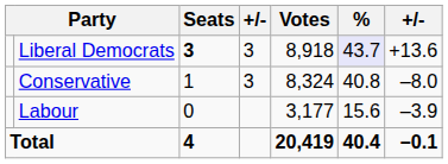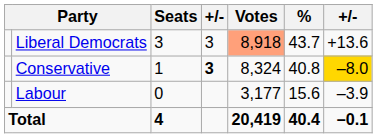 <table class="wikitable sortable">
 <tr>
 <th colspan="2">Party</th>
 <th>Seats</th>
 <th>+/-</th>
 <th>Votes</th>
 <th>%</th>
 <th>+/-</th>
 </tr>
 <tr>
 <td style="background-color: "></td>
 <td><a href='#'>Liberal Democrats</a></td>
-<td><strong>3</strong></td>
+<td>3</td>
 <td> 3</td>
-<td style="text-align:right;">8,918</td>
-<td style="background: lavender; text-align:right;">43.7</td>
+<td style="background: lightsalmon; text-align:right;">8,918</td>
+<td style="text-align:right;">43.7</td>
 <td style="text-align:right;">+13.6</td>
 </tr>
 <tr>
 <td style="background-color: "></td>
 <td><a href='#'>Conservative</a></td>
 <td>1</td>
-<td> 3</td>
+<td><strong> 3</strong></td>
 <td style="text-align:right;">8,324</td>
 <td style="text-align:right;">40.8</td>
-<td style="text-align:right;">–8.0</td>
+<td style="background: gold; text-align:right;">–8.0</td>
 </tr>
 <tr>
 <td style="background-color: "></td>
 <td><a href='#'>Labour</a></td>
 <td>0</td>
 <td></td>
 <td style="text-align:right;">3,177</td>
 <td style="text-align:right;">15.6</td>
 <td style="text-align:right;">–3.9</td>
 </tr>
 <tr>
 <td colspan="2"><strong>Total</strong></td>
 <td><strong>4</strong></td>
 <td></td>
 <td style="text-align:right;"><strong>20,419</strong></td>
 <td style="text-align:right;"><strong>40.4</strong></td>
 <td style="text-align:right;"><strong>–0.1</strong></td>
 </tr>
 </table>
